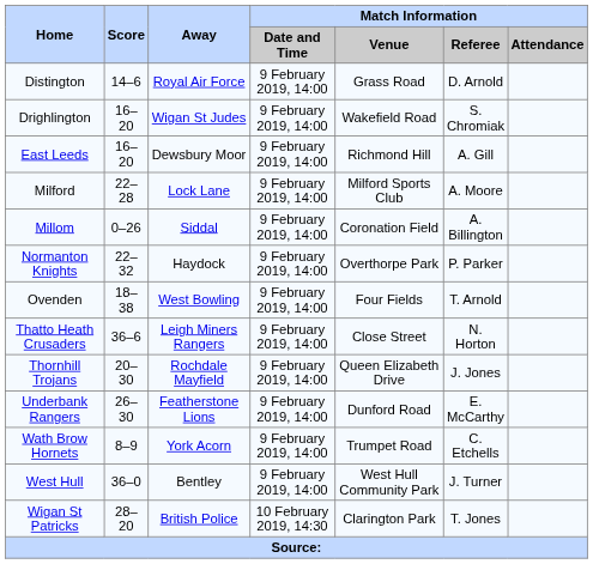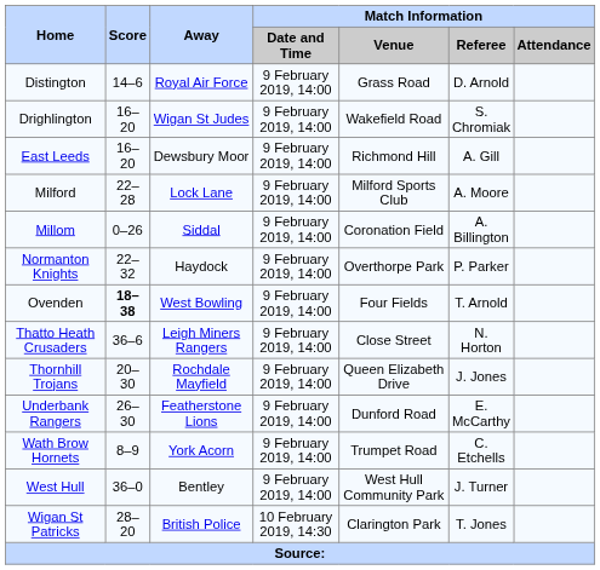 <table border=1 style="border-collapse:collapse; font-size:90%; text-align:center"; cellpadding=3 cellspacing=0 width=100%>
 <tr style="background:#c1d8ff">
 <th rowspan="2" width=19%>Home</th>
 <th rowspan="2" width=6%>Score</th>
 <th rowspan="2" width=19%>Away</th>
 <th colspan="6">Match Information</th>
 </tr>
 <tr style="background:#cccccc">
 <th width=17%>Date and Time</th>
 <th width=22%>Venue</th>
 <th width=10%>Referee</th>
 <th width=7%>Attendance</th>
 </tr>
 <tr style="background:#f5faff">
 <td>Distington</td>
 <td>14–6</td>
 <td><a href='#'>Royal Air Force</a></td>
 <td>9 February 2019, 14:00</td>
 <td>Grass Road</td>
 <td>D. Arnold</td>
 <td></td>
 </tr>
 <tr style="background:#f5faff">
 <td>Drighlington</td>
 <td>16–20</td>
 <td><a href='#'>Wigan St Judes</a></td>
 <td>9 February 2019, 14:00</td>
 <td>Wakefield Road</td>
 <td>S. Chromiak</td>
 <td></td>
 </tr>
 <tr style="background:#f5faff">
 <td><a href='#'>East Leeds</a></td>
 <td>16–20</td>
 <td>Dewsbury Moor</td>
 <td>9 February 2019, 14:00</td>
 <td>Richmond Hill</td>
 <td>A. Gill</td>
 <td></td>
 </tr>
 <tr style="background:#f5faff">
 <td>Milford</td>
 <td>22–28</td>
 <td><a href='#'>Lock Lane</a></td>
 <td>9 February 2019, 14:00</td>
 <td>Milford Sports Club</td>
 <td>A. Moore</td>
 <td></td>
 </tr>
 <tr style="background:#f5faff">
 <td><a href='#'>Millom</a></td>
 <td>0–26</td>
 <td><a href='#'>Siddal</a></td>
 <td>9 February 2019, 14:00</td>
 <td>Coronation Field</td>
 <td>A. Billington</td>
 <td></td>
 </tr>
 <tr style="background:#f5faff">
 <td><a href='#'>Normanton Knights</a></td>
 <td>22–32</td>
 <td>Haydock</td>
 <td>9 February 2019, 14:00</td>
 <td>Overthorpe Park</td>
 <td>P. Parker</td>
 <td></td>
 </tr>
 <tr style="background:#f5faff">
 <td>Ovenden</td>
-<td>18–38</td>
+<td><strong>18–38</strong></td>
 <td><a href='#'>West Bowling</a></td>
 <td>9 February 2019, 14:00</td>
 <td>Four Fields</td>
 <td>T. Arnold</td>
 <td></td>
 </tr>
 <tr style="background:#f5faff">
 <td><a href='#'>Thatto Heath Crusaders</a></td>
 <td>36–6</td>
 <td><a href='#'>Leigh Miners Rangers</a></td>
 <td>9 February 2019, 14:00</td>
 <td>Close Street</td>
 <td>N. Horton</td>
 <td></td>
 </tr>
 <tr style="background:#f5faff">
 <td><a href='#'>Thornhill Trojans</a></td>
 <td>20–30</td>
 <td><a href='#'>Rochdale Mayfield</a></td>
 <td>9 February 2019, 14:00</td>
 <td>Queen Elizabeth Drive</td>
 <td>J. Jones</td>
 <td></td>
 </tr>
 <tr style="background:#f5faff">
 <td><a href='#'>Underbank Rangers</a></td>
 <td>26–30</td>
 <td><a href='#'>Featherstone Lions</a></td>
 <td>9 February 2019, 14:00</td>
 <td>Dunford Road</td>
 <td>E. McCarthy</td>
 <td></td>
 </tr>
 <tr style="background:#f5faff">
 <td><a href='#'>Wath Brow Hornets</a></td>
 <td>8–9</td>
 <td><a href='#'>York Acorn</a></td>
 <td>9 February 2019, 14:00</td>
 <td>Trumpet Road</td>
 <td>C. Etchells</td>
 <td></td>
 </tr>
 <tr style="background:#f5faff">
 <td><a href='#'>West Hull</a></td>
 <td>36–0</td>
 <td>Bentley</td>
 <td>9 February 2019, 14:00</td>
 <td>West Hull Community Park</td>
 <td>J. Turner</td>
 <td></td>
 </tr>
 <tr style="background:#f5faff">
 <td><a href='#'>Wigan St Patricks</a></td>
 <td>28–20</td>
 <td><a href='#'>British Police</a></td>
 <td>10 February 2019, 14:30</td>
 <td>Clarington Park</td>
 <td>T. Jones</td>
 <td></td>
 </tr>
 <tr style="background:#c1d8ff">
 <th colspan="12">Source:</th>
 </tr>
 </table>
